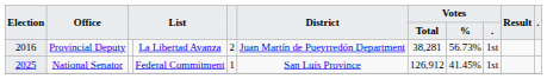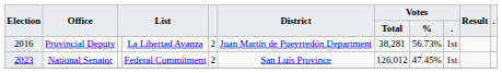 <table class="wikitable" style="font-size:90%; text-align:center;">
 <tr>
 <th style="background-color:#EAECF0;" rowspan=2>Election</th>
 <th style="background-color:#EAECF0;" rowspan=2>Office</th>
 <th style="background-color:#EAECF0;" colspan=2 rowspan=2>List</th>
 <th style="background-color:#EAECF0;" rowspan=2></th>
 <th style="background-color:#EAECF0;" rowspan=2>District</th>
 <th style="background-color:#EAECF0;" colspan=3>Votes</th>
 <th style="background-color:#EAECF0;" rowspan=2>Result</th>
 <th style="background-color:#EAECF0;" rowspan=2>.</th>
 </tr>
 <tr>
 <th style="background-color:#EAECF0;">Total</th>
 <th style="background-color:#EAECF0;">%</th>
 <th style="background-color:#EAECF0;">.</th>
 </tr>
 <tr>
 <td style="background-color:#EAECF0;">2016</td>
 <td><a href='#'>Provincial Deputy</a></td>
 <td style="background-color:"></td>
 <td><a href='#'>La Libertad Avanza</a></td>
 <td>2</td>
 <td><a href='#'>Juan Martín de Pueyrredón Department</a></td>
 <td>38,281</td>
 <td>56.73%</td>
 <td>1st</td>
 <td></td>
 <td></td>
 </tr>
 <tr>
-<td style="background-color:#EAECF0;"><a href='#'>2025</a></td>
+<td style="background-color:#EAECF0;"><a href='#'>2023</a></td>
 <td><a href='#'>National Senator</a></td>
 <td style="background-color:"></td>
 <td><a href='#'>Federal Commitment</a></td>
-<td>1</td>
+<td>2</td>
 <td><a href='#'>San Luis Province</a></td>
-<td>126,912</td>
-<td>41.45%</td>
+<td>126,012</td>
+<td>47.45%</td>
 <td>1st</td>
 <td></td>
 <td></td>
 </tr>
 <tr>
 </tr>
 </table>
